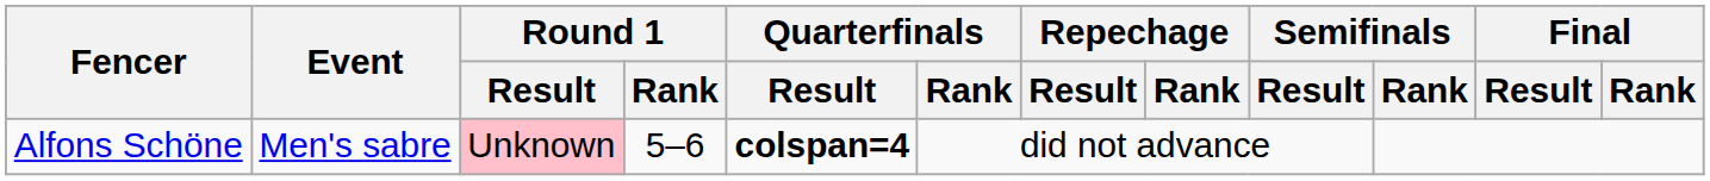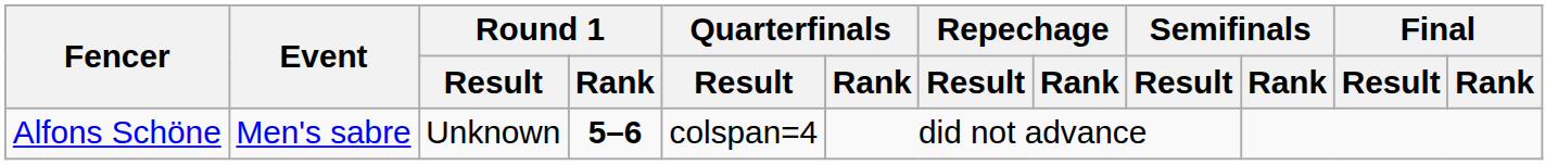 <table class=wikitable>
 <tr>
 <th rowspan=2>Fencer</th>
 <th rowspan=2>Event</th>
 <th colspan=2>Round 1</th>
 <th colspan=2>Quarterfinals</th>
 <th colspan=2>Repechage</th>
 <th colspan=2>Semifinals</th>
 <th colspan=2>Final</th>
 </tr>
 <tr>
 <th>Result</th>
 <th>Rank</th>
 <th>Result</th>
 <th>Rank</th>
 <th>Result</th>
 <th>Rank</th>
 <th>Result</th>
 <th>Rank</th>
 <th>Result</th>
 <th>Rank</th>
 </tr>
 <tr align=center>
 <td align=left><a href='#'>Alfons Schöne</a></td>
 <td><a href='#'>Men's sabre</a></td>
-<td style="background: pink;">Unknown</td>
-<td>5–6</td>
-<td><strong>colspan=4 </strong></td>
+<td>Unknown</td>
+<td><strong>5–6</strong></td>
+<td>colspan=4 </td>
 <td colspan=4>did not advance</td>
 </tr>
 </table>
